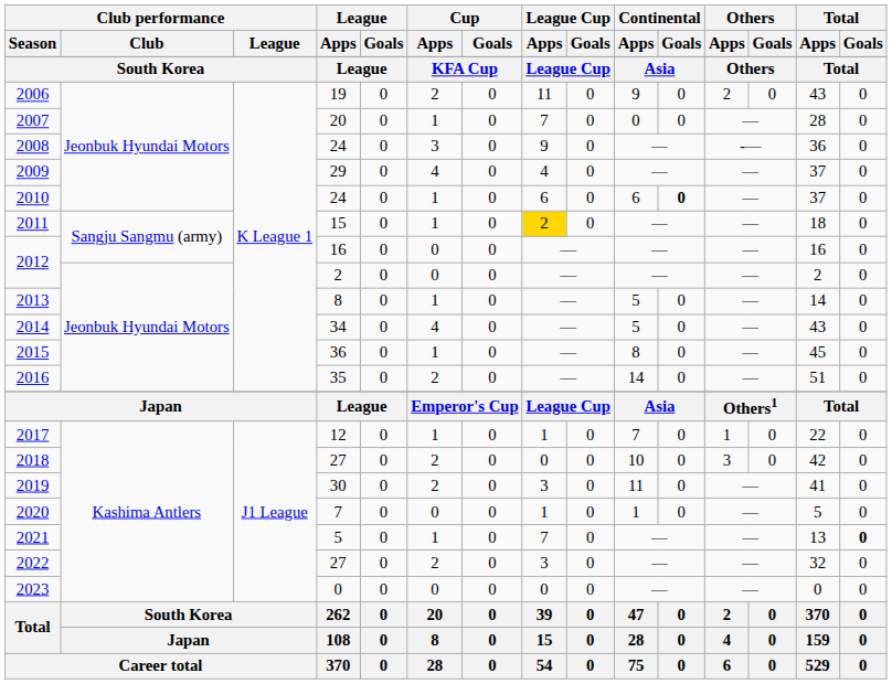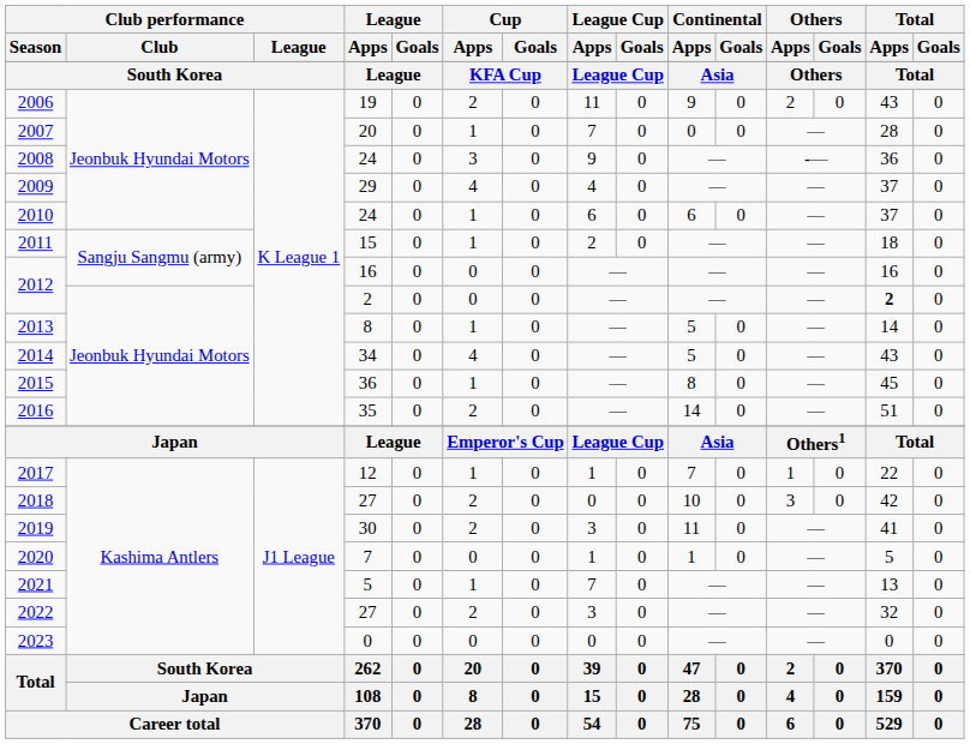 <table class="wikitable" style="text-align:center">
 <tr>
 <th colspan=3>Club performance</th>
 <th colspan=2>League</th>
 <th colspan=2>Cup</th>
 <th colspan=2>League Cup</th>
 <th colspan=2>Continental</th>
 <th colspan=2>Others</th>
 <th colspan=2>Total</th>
 </tr>
 <tr>
 <th>Season</th>
 <th>Club</th>
 <th>League</th>
 <th>Apps</th>
 <th>Goals</th>
 <th>Apps</th>
 <th>Goals</th>
 <th>Apps</th>
 <th>Goals</th>
 <th>Apps</th>
 <th>Goals</th>
 <th>Apps</th>
 <th>Goals</th>
 <th>Apps</th>
 <th>Goals</th>
 </tr>
 <tr>
 </tr>
 <tr>
 <th colspan=3>South Korea</th>
 <th colspan=2>League</th>
 <th colspan=2><a href='#'>KFA Cup</a></th>
 <th colspan=2><a href='#'>League Cup</a></th>
 <th colspan=2><a href='#'>Asia</a></th>
 <th colspan=2>Others</th>
 <th colspan=2>Total</th>
 </tr>
 <tr>
 <td><a href='#'>2006</a></td>
 <td rowspan="5"><a href='#'>Jeonbuk Hyundai Motors</a></td>
 <td rowspan="12"><a href='#'>K League 1</a></td>
 <td>19</td>
 <td>0</td>
 <td>2</td>
 <td>0</td>
 <td>11</td>
 <td>0</td>
 <td>9</td>
 <td>0</td>
 <td>2</td>
 <td>0</td>
 <td>43</td>
 <td>0</td>
 </tr>
 <tr>
 <td><a href='#'>2007</a></td>
 <td>20</td>
 <td>0</td>
 <td>1</td>
 <td>0</td>
 <td>7</td>
 <td>0</td>
 <td>0</td>
 <td>0</td>
 <td colspan="2">—</td>
 <td>28</td>
 <td>0</td>
 </tr>
 <tr>
 <td><a href='#'>2008</a></td>
 <td>24</td>
 <td>0</td>
 <td>3</td>
 <td>0</td>
 <td>9</td>
 <td>0</td>
 <td colspan="2">—</td>
 <td colspan="2">-—</td>
 <td>36</td>
 <td>0</td>
 </tr>
 <tr>
 <td><a href='#'>2009</a></td>
 <td>29</td>
 <td>0</td>
 <td>4</td>
 <td>0</td>
 <td>4</td>
 <td>0</td>
 <td colspan="2">—</td>
 <td colspan="2">—</td>
 <td>37</td>
 <td>0</td>
 </tr>
 <tr>
 <td><a href='#'>2010</a></td>
 <td>24</td>
 <td>0</td>
 <td>1</td>
 <td>0</td>
 <td>6</td>
 <td>0</td>
 <td>6</td>
-<td><strong>0</strong></td>
+<td>0</td>
 <td colspan="2">—</td>
 <td>37</td>
 <td>0</td>
 </tr>
 <tr>
 <td><a href='#'>2011</a></td>
 <td rowspan="2"><a href='#'>Sangju Sangmu</a> (army)</td>
 <td>15</td>
 <td>0</td>
 <td>1</td>
 <td>0</td>
-<td style="background: gold;">2</td>
+<td>2</td>
 <td>0</td>
 <td colspan="2">—</td>
 <td colspan="2">—</td>
 <td>18</td>
 <td>0</td>
 </tr>
 <tr>
 <td rowspan="2"><a href='#'>2012</a></td>
 <td>16</td>
 <td>0</td>
 <td>0</td>
 <td>0</td>
 <td colspan="2">—</td>
 <td colspan="2">—</td>
 <td colspan="2">—</td>
 <td>16</td>
 <td>0</td>
 </tr>
 <tr>
 <td rowspan="5"><a href='#'>Jeonbuk Hyundai Motors</a></td>
 <td>2</td>
 <td>0</td>
 <td>0</td>
 <td>0</td>
 <td colspan="2">—</td>
 <td colspan="2">—</td>
 <td colspan="2">—</td>
-<td>2</td>
+<td><strong>2</strong></td>
 <td>0</td>
 </tr>
 <tr>
 <td><a href='#'>2013</a></td>
 <td>8</td>
 <td>0</td>
 <td>1</td>
 <td>0</td>
 <td colspan="2">—</td>
 <td>5</td>
 <td>0</td>
 <td colspan="2">—</td>
 <td>14</td>
 <td>0</td>
 </tr>
 <tr>
 <td><a href='#'>2014</a></td>
 <td>34</td>
 <td>0</td>
 <td>4</td>
 <td>0</td>
 <td colspan="2">—</td>
 <td>5</td>
 <td>0</td>
 <td colspan="2">—</td>
 <td>43</td>
 <td>0</td>
 </tr>
 <tr>
 <td><a href='#'>2015</a></td>
 <td>36</td>
 <td>0</td>
 <td>1</td>
 <td>0</td>
 <td colspan="2">—</td>
 <td>8</td>
 <td>0</td>
 <td colspan="2">—</td>
 <td>45</td>
 <td>0</td>
 </tr>
 <tr>
 <td><a href='#'>2016</a></td>
 <td>35</td>
 <td>0</td>
 <td>2</td>
 <td>0</td>
 <td colspan="2">—</td>
 <td>14</td>
 <td>0</td>
 <td colspan="2">—</td>
 <td>51</td>
 <td>0</td>
 </tr>
 <tr>
 </tr>
 <tr>
 <th colspan=3>Japan</th>
 <th colspan=2>League</th>
 <th colspan=2><a href='#'>Emperor's Cup</a></th>
 <th colspan=2><a href='#'>League Cup</a></th>
 <th colspan=2><a href='#'>Asia</a></th>
 <th colspan=2>Others<sup>1</sup></th>
 <th colspan=2>Total</th>
 </tr>
 <tr>
 <td><a href='#'>2017</a></td>
 <td rowspan="7"><a href='#'>Kashima Antlers</a></td>
 <td rowspan="7"><a href='#'>J1 League</a></td>
 <td>12</td>
 <td>0</td>
 <td>1</td>
 <td>0</td>
 <td>1</td>
 <td>0</td>
 <td>7</td>
 <td>0</td>
 <td>1</td>
 <td>0</td>
 <td>22</td>
 <td>0</td>
 </tr>
 <tr>
 <td><a href='#'>2018</a></td>
 <td>27</td>
 <td>0</td>
 <td>2</td>
 <td>0</td>
 <td>0</td>
 <td>0</td>
 <td>10</td>
 <td>0</td>
 <td>3</td>
 <td>0</td>
 <td>42</td>
 <td>0</td>
 </tr>
 <tr>
 <td><a href='#'>2019</a></td>
 <td>30</td>
 <td>0</td>
 <td>2</td>
 <td>0</td>
 <td>3</td>
 <td>0</td>
 <td>11</td>
 <td>0</td>
 <td colspan=2>—</td>
 <td>41</td>
 <td>0</td>
 </tr>
 <tr>
 <td><a href='#'>2020</a></td>
 <td>7</td>
 <td>0</td>
 <td>0</td>
 <td>0</td>
 <td>1</td>
 <td>0</td>
 <td>1</td>
 <td>0</td>
 <td colspan=2>—</td>
 <td>5</td>
 <td>0</td>
 </tr>
 <tr>
 <td><a href='#'>2021</a></td>
 <td>5</td>
 <td>0</td>
 <td>1</td>
 <td>0</td>
 <td>7</td>
 <td>0</td>
 <td colspan=2>—</td>
 <td colspan=2>—</td>
 <td>13</td>
-<td><strong>0</strong></td>
+<td>0</td>
 </tr>
 <tr>
 <td><a href='#'>2022</a></td>
 <td>27</td>
 <td>0</td>
 <td>2</td>
 <td>0</td>
 <td>3</td>
 <td>0</td>
 <td colspan=2>—</td>
 <td colspan=2>—</td>
 <td>32</td>
 <td>0</td>
 </tr>
 <tr>
 <td><a href='#'>2023</a></td>
 <td>0</td>
 <td>0</td>
 <td>0</td>
 <td>0</td>
 <td>0</td>
 <td>0</td>
 <td colspan=2>—</td>
 <td colspan=2>—</td>
 <td>0</td>
 <td>0</td>
 </tr>
 <tr>
 <th rowspan=2>Total</th>
 <th colspan=2>South Korea</th>
 <th>262</th>
 <th>0</th>
 <th>20</th>
 <th>0</th>
 <th>39</th>
 <th>0</th>
 <th>47</th>
 <th>0</th>
 <th>2</th>
 <th>0</th>
 <th>370</th>
 <th>0</th>
 </tr>
 <tr>
 <th colspan=2>Japan</th>
 <th>108</th>
 <th>0</th>
 <th>8</th>
 <th>0</th>
 <th>15</th>
 <th>0</th>
 <th>28</th>
 <th>0</th>
 <th>4</th>
 <th>0</th>
 <th>159</th>
 <th>0</th>
 </tr>
 <tr>
 <th colspan=3>Career total</th>
 <th>370</th>
 <th>0</th>
 <th>28</th>
 <th>0</th>
 <th>54</th>
 <th>0</th>
 <th>75</th>
 <th>0</th>
 <th>6</th>
 <th>0</th>
 <th>529</th>
 <th>0</th>
 </tr>
 </table>
